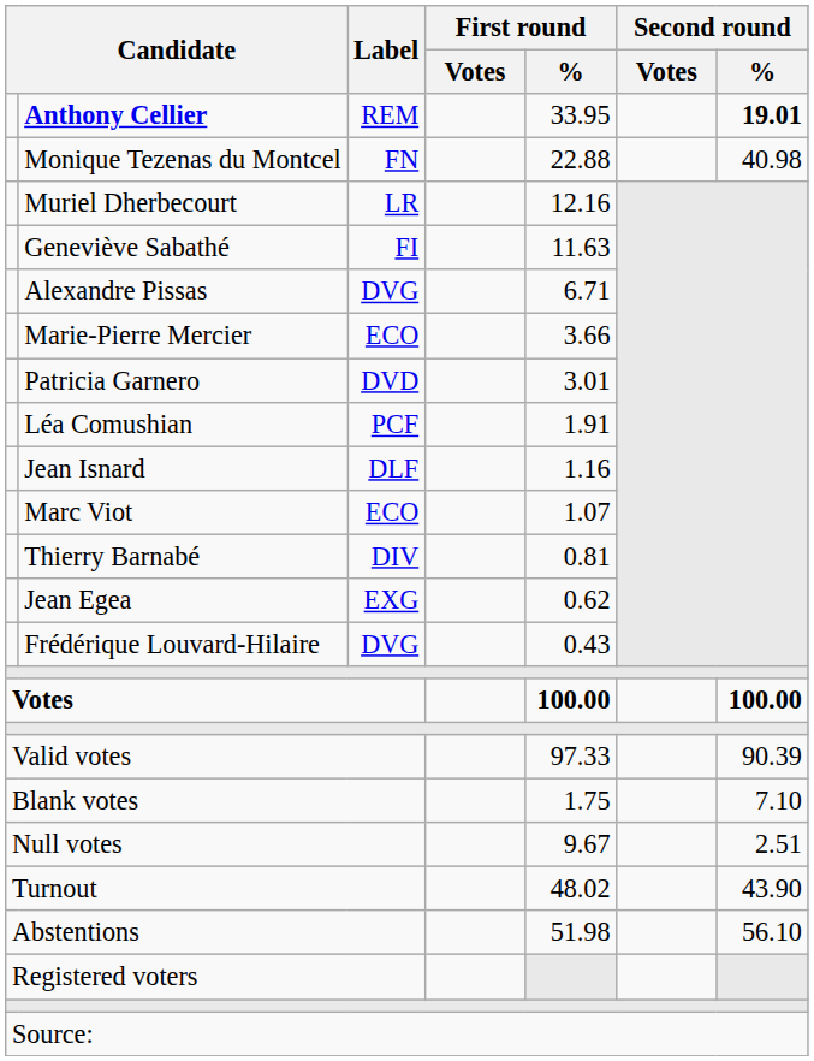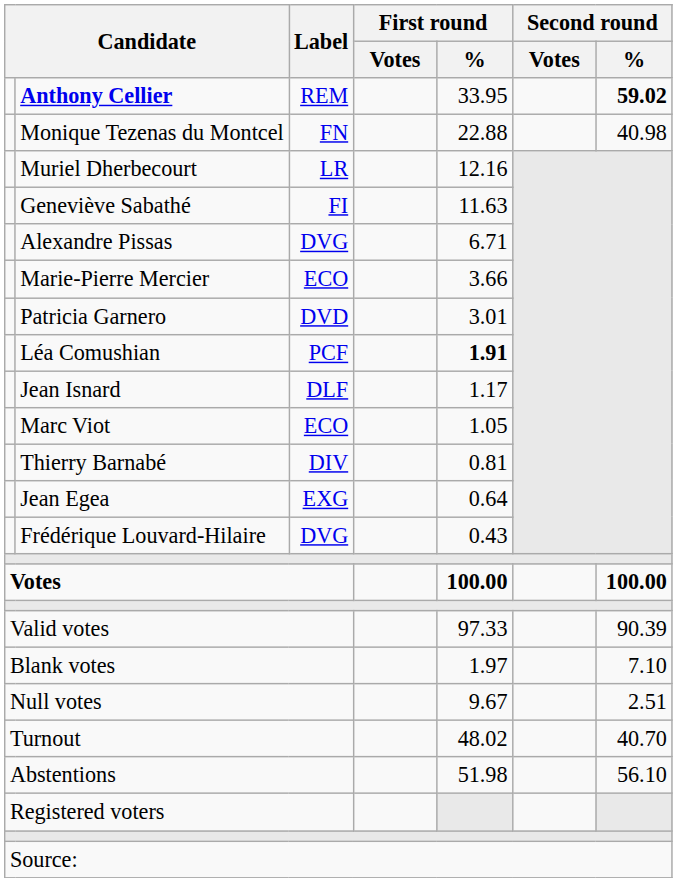 <table class="wikitable" style="text-align:right;font-size:95%;">
 <tr>
 <th rowspan="2" colspan="2">Candidate</th>
 <th rowspan="2">Label</th>
 <th colspan="2">First round</th>
 <th colspan="2">Second round</th>
 </tr>
 <tr>
 <th style="width:50px;">Votes</th>
 <th style="width:45px;">%</th>
 <th style="width:50px;">Votes</th>
 <th style="width:45px;">%</th>
 </tr>
 <tr>
 <td style="color:inherit;background:"></td>
 <td style="text-align:left;"><strong><a href='#'>Anthony Cellier</a></strong></td>
 <td><a href='#'>REM</a></td>
 <td></td>
 <td>33.95</td>
 <td><strong></strong></td>
-<td><strong>19.01</strong></td>
+<td><strong>59.02</strong></td>
 </tr>
 <tr>
 <td style="color:inherit;background:"></td>
 <td style="text-align:left;">Monique Tezenas du Montcel</td>
 <td><a href='#'>FN</a></td>
 <td></td>
 <td>22.88</td>
 <td></td>
 <td>40.98</td>
 </tr>
 <tr>
 <td style="color:inherit;background:"></td>
 <td style="text-align:left;">Muriel Dherbecourt</td>
 <td><a href='#'>LR</a></td>
 <td></td>
 <td>12.16</td>
 <td colspan="2" rowspan="11" style="background:#E9E9E9;"></td>
 </tr>
 <tr>
 <td style="color:inherit;background:"></td>
 <td style="text-align:left;">Geneviève Sabathé</td>
 <td><a href='#'>FI</a></td>
 <td></td>
 <td>11.63</td>
 </tr>
 <tr>
 <td style="color:inherit;background:"></td>
 <td style="text-align:left;">Alexandre Pissas</td>
 <td><a href='#'>DVG</a></td>
 <td></td>
 <td>6.71</td>
 </tr>
 <tr>
 <td style="color:inherit;background:"></td>
 <td style="text-align:left;">Marie-Pierre Mercier</td>
 <td><a href='#'>ECO</a></td>
 <td></td>
 <td>3.66</td>
 </tr>
 <tr>
 <td style="color:inherit;background:"></td>
 <td style="text-align:left;">Patricia Garnero</td>
 <td><a href='#'>DVD</a></td>
 <td></td>
 <td>3.01</td>
 </tr>
 <tr>
 <td style="color:inherit;background:"></td>
 <td style="text-align:left;">Léa Comushian</td>
 <td><a href='#'>PCF</a></td>
 <td></td>
-<td>1.91</td>
+<td><strong>1.91</strong></td>
 </tr>
 <tr>
 <td style="color:inherit;background:"></td>
 <td style="text-align:left;">Jean Isnard</td>
 <td><a href='#'>DLF</a></td>
 <td></td>
-<td>1.16</td>
+<td>1.17</td>
 </tr>
 <tr>
 <td style="color:inherit;background:"></td>
 <td style="text-align:left;">Marc Viot</td>
 <td><a href='#'>ECO</a></td>
 <td></td>
-<td>1.07</td>
+<td>1.05</td>
 </tr>
 <tr>
 <td style="color:inherit;background:"></td>
 <td style="text-align:left;">Thierry Barnabé</td>
 <td><a href='#'>DIV</a></td>
 <td></td>
 <td>0.81</td>
 </tr>
 <tr>
 <td style="color:inherit;background:"></td>
 <td style="text-align:left;">Jean Egea</td>
 <td><a href='#'>EXG</a></td>
 <td></td>
-<td>0.62</td>
+<td>0.64</td>
 </tr>
 <tr>
 <td style="color:inherit;background:"></td>
 <td style="text-align:left;">Frédérique Louvard-Hilaire</td>
 <td><a href='#'>DVG</a></td>
 <td></td>
 <td>0.43</td>
 </tr>
 <tr>
 <td colspan="7" style="background:#E9E9E9;"></td>
 </tr>
 <tr style="font-weight:bold;">
 <td colspan="3" style="text-align:left;">Votes</td>
 <td></td>
 <td>100.00</td>
 <td></td>
 <td>100.00</td>
 </tr>
 <tr>
 <td colspan="7" style="background:#E9E9E9;"></td>
 </tr>
 <tr>
 <td colspan="3" style="text-align:left;">Valid votes</td>
 <td></td>
 <td>97.33</td>
 <td></td>
 <td>90.39</td>
 </tr>
 <tr>
 <td colspan="3" style="text-align:left;">Blank votes</td>
 <td></td>
-<td>1.75</td>
+<td>1.97</td>
 <td></td>
 <td>7.10</td>
 </tr>
 <tr>
 <td colspan="3" style="text-align:left;">Null votes</td>
 <td></td>
 <td>9.67</td>
 <td></td>
 <td>2.51</td>
 </tr>
 <tr>
 <td colspan="3" style="text-align:left;">Turnout</td>
 <td></td>
 <td>48.02</td>
 <td></td>
-<td>43.90</td>
+<td>40.70</td>
 </tr>
 <tr>
 <td colspan="3" style="text-align:left;">Abstentions</td>
 <td></td>
 <td>51.98</td>
 <td></td>
 <td>56.10</td>
 </tr>
 <tr>
 <td colspan="3" style="text-align:left;">Registered voters</td>
 <td></td>
 <td style="color:inherit;background:#E9E9E9;"></td>
 <td></td>
 <td style="color:inherit;background:#E9E9E9;"></td>
 </tr>
 <tr>
 <td colspan="7" style="background:#E9E9E9;"></td>
 </tr>
 <tr>
 <td colspan="7" style="text-align:left;">Source: </td>
 </tr>
 </table>
